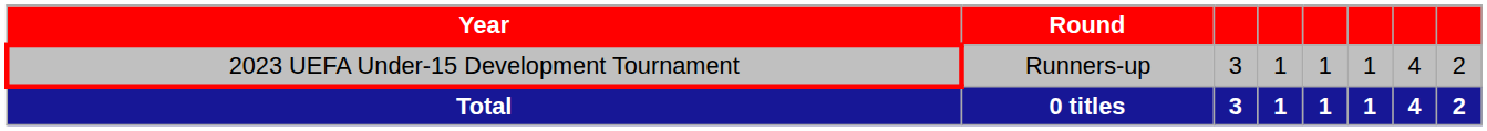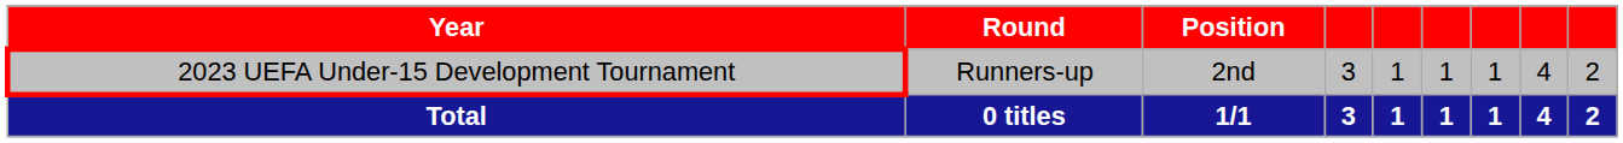 <table class="wikitable" style="font-size:90%; text-align:center;" width="100%" class="wikitable">
 <tr>
 <th style="background:#ff0000; color:white; ">Year</th>
 <th style="background:#ff0000; color:white; ">Round</th>
+<th style="background:#ff0000; color:white; ">Position</th>
 <th width="20" style="background:#ff0000; color:white; "></th>
 <th width="20" style="background:#ff0000; color:white; "></th>
 <th width="20" style="background:#ff0000; color:white; "></th>
 <th width="20" style="background:#ff0000; color:white; "></th>
 <th width="20" style="background:#ff0000; color:white; "></th>
 <th width="20" style="background:#ff0000; color:white; "></th>
 </tr>
 <tr bgcolor=silver>
 <td style="border: 3px solid red"> 2023 UEFA Under-15 Development Tournament</td>
 <td>Runners-up</td>
+<td>2nd</td>
 <td>3</td>
 <td>1</td>
 <td>1</td>
 <td>1</td>
 <td>4</td>
 <td>2</td>
 </tr>
 <tr>
 <th style="background:#171796; color:white; ">Total</th>
 <th style="background:#171796; color:white; ">0 titles</th>
+<th style="background:#171796; color:white; ">1/1</th>
 <th style="background:#171796; color:white; ">3</th>
 <th style="background:#171796; color:white; ">1</th>
 <th style="background:#171796; color:white; ">1</th>
 <th style="background:#171796; color:white; ">1</th>
 <th style="background:#171796; color:white; ">4</th>
 <th style="background:#171796; color:white; ">2</th>
 </tr>
 </table>
